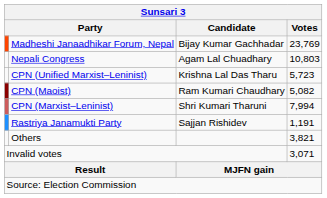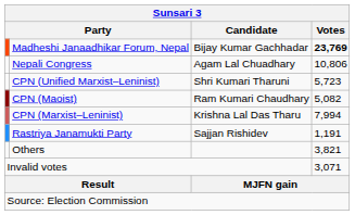 <table class="wikitable">
 <tr>
 <th colspan="4"><a href='#'>Sunsari 3</a></th>
 </tr>
 <tr>
 <th colspan="2">Party</th>
 <th>Candidate</th>
 <th>Votes</th>
 </tr>
 <tr>
 <td style="background-color:orangered"></td>
 <td><a href='#'>Madheshi Janaadhikar Forum, Nepal</a></td>
 <td>Bijay Kumar Gachhadar</td>
-<td>23,769</td>
+<td><strong>23,769</strong></td>
 </tr>
 <tr>
 <td style="background-color:"></td>
 <td><a href='#'>Nepali Congress</a></td>
 <td>Agam Lal Chuadhary</td>
-<td>10,803</td>
+<td>10,806</td>
 </tr>
 <tr>
 <td style="background-color:"></td>
 <td><a href='#'>CPN (Unified Marxist–Leninist)</a></td>
-<td>Krishna Lal Das Tharu</td>
+<td>Shri Kumari Tharuni</td>
 <td>5,723</td>
 </tr>
 <tr>
 <td style="background-color:darkred"></td>
 <td><a href='#'>CPN (Maoist)</a></td>
 <td>Ram Kumari Chaudhary</td>
 <td>5,082</td>
 </tr>
 <tr>
 <td style="background-color:indianred"></td>
 <td><a href='#'>CPN (Marxist–Leninist)</a></td>
-<td>Shri Kumari Tharuni</td>
+<td>Krishna Lal Das Tharu</td>
 <td>7,994</td>
 </tr>
 <tr>
 <td style="background-color:dodgerblue"></td>
 <td><a href='#'>Rastriya Janamukti Party</a></td>
 <td>Sajjan Rishidev</td>
 <td>1,191</td>
 </tr>
 <tr>
 <td></td>
 <td>Others</td>
 <td></td>
 <td>3,821</td>
 </tr>
 <tr>
 <td colspan="3">Invalid votes</td>
 <td>3,071</td>
 </tr>
 <tr>
 <th colspan="2">Result</th>
 <th colspan="2">MJFN gain</th>
 </tr>
 <tr>
 <td colspan="4">Source: Election Commission</td>
 </tr>
 </table>
